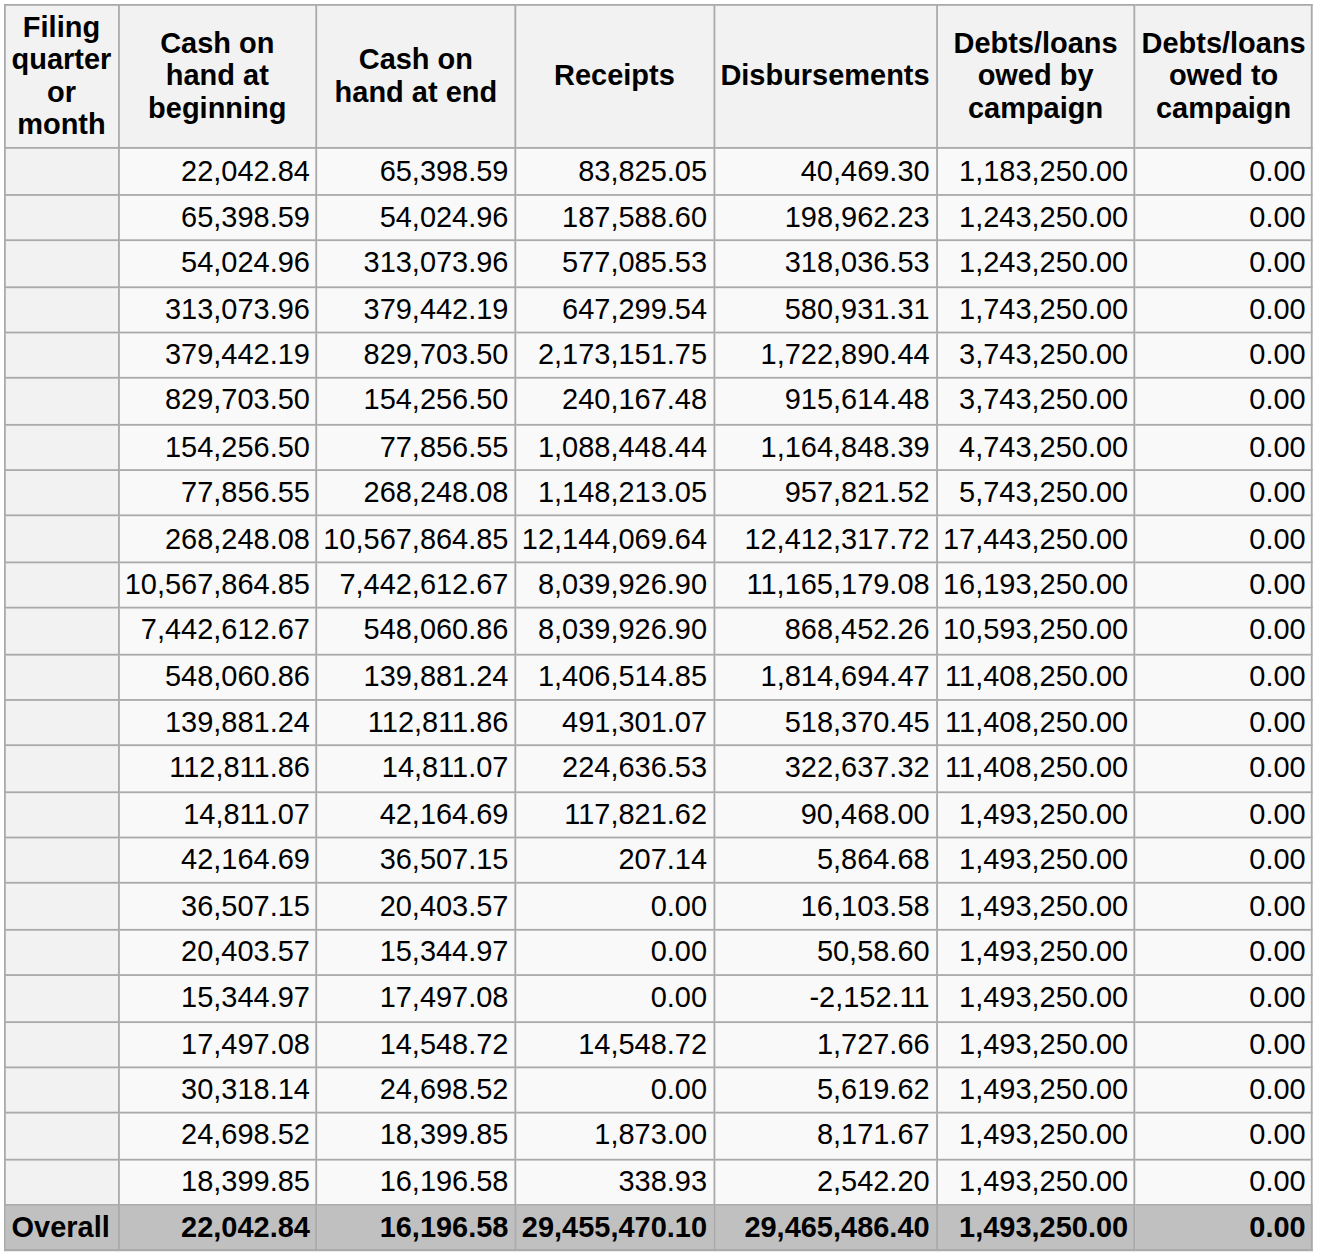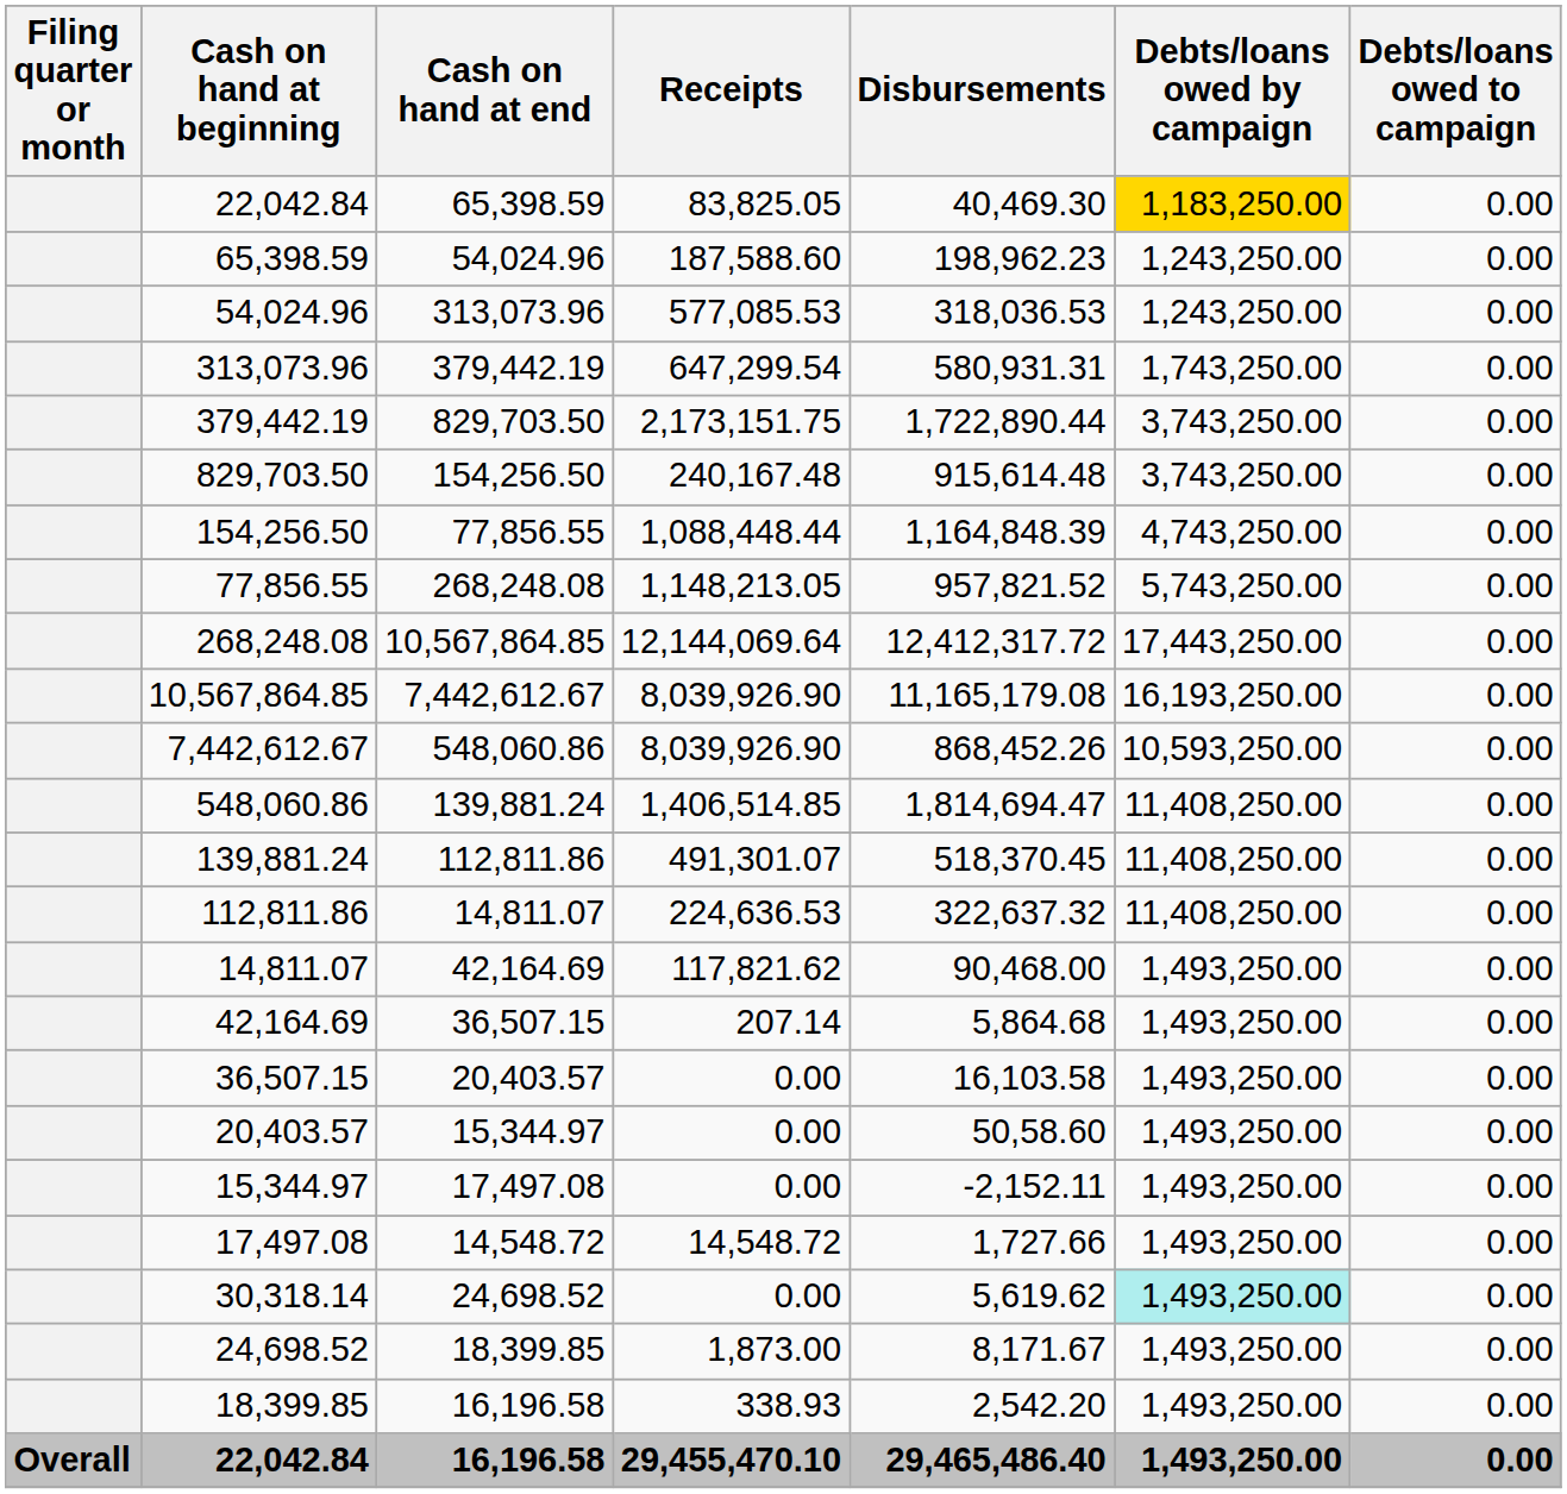 <table class="wikitable sortable">
 <tr>
 <th scope="col" width=55px>Filing quarter or month</th>
 <th scope="col" width=70px data-sort-type="number">Cash on hand at beginning</th>
 <th scope="col" width=70px data-sort-type="number">Cash on hand at end</th>
 <th scope="col" width=70px data-sort-type="number">Receipts</th>
 <th scope="col" width=70px data-sort-type="number">Disbursements</th>
 <th scope="col" width=70px data-sort-type="number">Debts/loans owed by campaign</th>
 <th scope="col" width=70px data-sort-type="number">Debts/loans owed to campaign</th>
 </tr>
 <tr>
 <th></th>
 <td style="text-align:right;">22,042.84</td>
 <td style="text-align:right;">65,398.59</td>
 <td style="text-align:right;">83,825.05</td>
 <td style="text-align:right;">40,469.30</td>
-<td style="text-align:right;">1,183,250.00</td>
+<td style="background: gold; text-align:right;">1,183,250.00</td>
 <td style="text-align:right;">0.00</td>
 </tr>
 <tr>
 <th></th>
 <td style="text-align:right;">65,398.59</td>
 <td style="text-align:right;">54,024.96</td>
 <td style="text-align:right;">187,588.60</td>
 <td style="text-align:right;">198,962.23</td>
 <td style="text-align:right;">1,243,250.00</td>
 <td style="text-align:right;">0.00</td>
 </tr>
 <tr>
 <th></th>
 <td style="text-align:right;">54,024.96</td>
 <td style="text-align:right;">313,073.96</td>
 <td style="text-align:right;">577,085.53</td>
 <td style="text-align:right;">318,036.53</td>
 <td style="text-align:right;">1,243,250.00</td>
 <td style="text-align:right;">0.00</td>
 </tr>
 <tr>
 <th></th>
 <td style="text-align:right;">313,073.96</td>
 <td style="text-align:right;">379,442.19</td>
 <td style="text-align:right;">647,299.54</td>
 <td style="text-align:right;">580,931.31</td>
 <td style="text-align:right;">1,743,250.00</td>
 <td style="text-align:right;">0.00</td>
 </tr>
 <tr>
 <th></th>
 <td style="text-align:right;">379,442.19</td>
 <td style="text-align:right;">829,703.50</td>
 <td style="text-align:right;">2,173,151.75</td>
 <td style="text-align:right;">1,722,890.44</td>
 <td style="text-align:right;">3,743,250.00</td>
 <td style="text-align:right;">0.00</td>
 </tr>
 <tr>
 <th></th>
 <td style="text-align:right;">829,703.50</td>
 <td style="text-align:right;">154,256.50</td>
 <td style="text-align:right;">240,167.48</td>
 <td style="text-align:right;">915,614.48</td>
 <td style="text-align:right;">3,743,250.00</td>
 <td style="text-align:right;">0.00</td>
 </tr>
 <tr>
 <th></th>
 <td style="text-align:right;">154,256.50</td>
 <td style="text-align:right;">77,856.55</td>
 <td style="text-align:right;">1,088,448.44</td>
 <td style="text-align:right;">1,164,848.39</td>
 <td style="text-align:right;">4,743,250.00</td>
 <td style="text-align:right;">0.00</td>
 </tr>
 <tr>
 <th></th>
 <td style="text-align:right;">77,856.55</td>
 <td style="text-align:right;">268,248.08</td>
 <td style="text-align:right;">1,148,213.05</td>
 <td style="text-align:right;">957,821.52</td>
 <td style="text-align:right;">5,743,250.00</td>
 <td style="text-align:right;">0.00</td>
 </tr>
 <tr>
 <th></th>
 <td style="text-align:right;">268,248.08</td>
 <td style="text-align:right;">10,567,864.85</td>
 <td style="text-align:right;">12,144,069.64</td>
 <td style="text-align:right;">12,412,317.72</td>
 <td style="text-align:right;">17,443,250.00</td>
 <td style="text-align:right;">0.00</td>
 </tr>
 <tr>
 <th></th>
 <td style="text-align:right;">10,567,864.85</td>
 <td style="text-align:right;">7,442,612.67</td>
 <td style="text-align:right;">8,039,926.90</td>
 <td style="text-align:right;">11,165,179.08</td>
 <td style="text-align:right;">16,193,250.00</td>
 <td style="text-align:right;">0.00</td>
 </tr>
 <tr>
 <th></th>
 <td style="text-align:right;">7,442,612.67</td>
 <td style="text-align:right;">548,060.86</td>
 <td style="text-align:right;">8,039,926.90</td>
 <td style="text-align:right;">868,452.26</td>
 <td style="text-align:right;">10,593,250.00</td>
 <td style="text-align:right;">0.00</td>
 </tr>
 <tr>
 <th></th>
 <td style="text-align:right;">548,060.86</td>
 <td style="text-align:right;">139,881.24</td>
 <td style="text-align:right;">1,406,514.85</td>
 <td style="text-align:right;">1,814,694.47</td>
 <td style="text-align:right;">11,408,250.00</td>
 <td style="text-align:right;">0.00</td>
 </tr>
 <tr>
 <th></th>
 <td style="text-align:right;">139,881.24</td>
 <td style="text-align:right;">112,811.86</td>
 <td style="text-align:right;">491,301.07</td>
 <td style="text-align:right;">518,370.45</td>
 <td style="text-align:right;">11,408,250.00</td>
 <td style="text-align:right;">0.00</td>
 </tr>
 <tr>
 <th></th>
 <td style="text-align:right;">112,811.86</td>
 <td style="text-align:right;">14,811.07</td>
 <td style="text-align:right;">224,636.53</td>
 <td style="text-align:right;">322,637.32</td>
 <td style="text-align:right;">11,408,250.00</td>
 <td style="text-align:right;">0.00</td>
 </tr>
 <tr>
 <th></th>
 <td style="text-align:right;">14,811.07</td>
 <td style="text-align:right;">42,164.69</td>
 <td style="text-align:right;">117,821.62</td>
 <td style="text-align:right;">90,468.00</td>
 <td style="text-align:right;">1,493,250.00</td>
 <td style="text-align:right;">0.00</td>
 </tr>
 <tr>
 <th></th>
 <td style="text-align:right;">42,164.69</td>
 <td style="text-align:right;">36,507.15</td>
 <td style="text-align:right;">207.14</td>
 <td style="text-align:right;">5,864.68</td>
 <td style="text-align:right;">1,493,250.00</td>
 <td style="text-align:right;">0.00</td>
 </tr>
 <tr>
 <th></th>
 <td style="text-align:right;">36,507.15</td>
 <td style="text-align:right;">20,403.57</td>
 <td style="text-align:right;">0.00</td>
 <td style="text-align:right;">16,103.58</td>
 <td style="text-align:right;">1,493,250.00</td>
 <td style="text-align:right;">0.00</td>
 </tr>
 <tr>
 <th></th>
 <td style="text-align:right;">20,403.57</td>
 <td style="text-align:right;">15,344.97</td>
 <td style="text-align:right;">0.00</td>
 <td style="text-align:right;">50,58.60</td>
 <td style="text-align:right;">1,493,250.00</td>
 <td style="text-align:right;">0.00</td>
 </tr>
 <tr>
 <th></th>
 <td style="text-align:right;">15,344.97</td>
 <td style="text-align:right;">17,497.08</td>
 <td style="text-align:right;">0.00</td>
 <td style="text-align:right;">-2,152.11</td>
 <td style="text-align:right;">1,493,250.00</td>
 <td style="text-align:right;">0.00</td>
 </tr>
 <tr>
 <th></th>
 <td style="text-align:right;">17,497.08</td>
 <td style="text-align:right;">14,548.72</td>
 <td style="text-align:right;">14,548.72</td>
 <td style="text-align:right;">1,727.66</td>
 <td style="text-align:right;">1,493,250.00</td>
 <td style="text-align:right;">0.00</td>
 </tr>
 <tr>
 <th></th>
 <td style="text-align:right;">30,318.14</td>
 <td style="text-align:right;">24,698.52</td>
 <td style="text-align:right;">0.00</td>
 <td style="text-align:right;">5,619.62</td>
-<td style="text-align:right;">1,493,250.00</td>
+<td style="background: paleturquoise; text-align:right;">1,493,250.00</td>
 <td style="text-align:right;">0.00</td>
 </tr>
 <tr>
 <th></th>
 <td style="text-align:right;">24,698.52</td>
 <td style="text-align:right;">18,399.85</td>
 <td style="text-align:right;">1,873.00</td>
 <td style="text-align:right;">8,171.67</td>
 <td style="text-align:right;">1,493,250.00</td>
 <td style="text-align:right;">0.00</td>
 </tr>
 <tr>
 <th></th>
 <td style="text-align:right;">18,399.85</td>
 <td style="text-align:right;">16,196.58</td>
 <td style="text-align:right;">338.93</td>
 <td style="text-align:right;">2,542.20</td>
 <td style="text-align:right;">1,493,250.00</td>
 <td style="text-align:right;">0.00</td>
 </tr>
 <tr>
 <td style="background: #C0C0C0"><strong>Overall</strong></td>
 <td style="text-align:right; background: #C0C0C0;"><strong>22,042.84</strong></td>
 <td style="text-align:right; background: #C0C0C0;"><strong>16,196.58</strong></td>
 <td style="text-align:right; background: #C0C0C0;"><strong>29,455,470.10</strong></td>
 <td style="text-align:right; background: #C0C0C0;"><strong>29,465,486.40</strong></td>
 <td style="text-align:right; background: #C0C0C0;"><strong>1,493,250.00</strong></td>
 <td style="text-align:right; background: #C0C0C0;"><strong>0.00</strong></td>
 </tr>
 <tr>
 </tr>
 </table>
